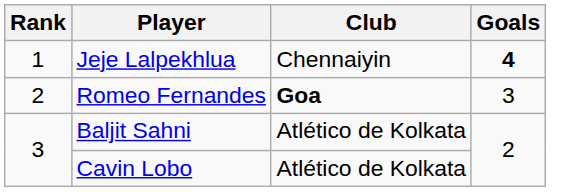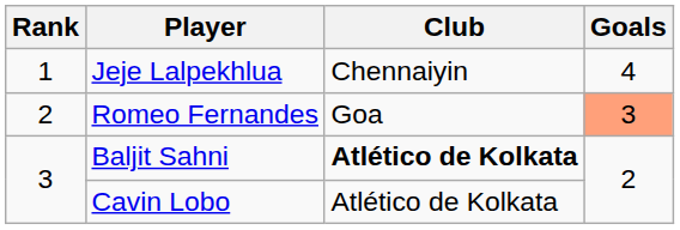 <table class="wikitable sortable" style="text-align:center">
 <tr>
 <th>Rank</th>
 <th>Player</th>
 <th>Club</th>
 <th>Goals</th>
 </tr>
 <tr>
 <td>1</td>
 <td align="left"> <a href='#'>Jeje Lalpekhlua</a></td>
 <td align="left">Chennaiyin</td>
-<td><strong>4</strong></td>
+<td>4</td>
 </tr>
 <tr>
 <td>2</td>
 <td align="left"> <a href='#'>Romeo Fernandes</a></td>
-<td align="left"><strong>Goa</strong></td>
-<td>3</td>
+<td align="left">Goa</td>
+<td style="background: lightsalmon;">3</td>
 </tr>
 <tr>
 <td rowspan=2>3</td>
 <td align="left"> <a href='#'>Baljit Sahni</a></td>
-<td align="left">Atlético de Kolkata</td>
+<td align="left"><strong>Atlético de Kolkata</strong></td>
 <td rowspan=2>2</td>
 </tr>
 <tr>
 <td align="left"> <a href='#'>Cavin Lobo</a></td>
 <td align="left">Atlético de Kolkata</td>
 </tr>
 </table>
